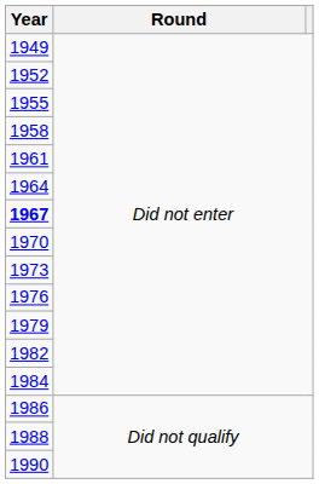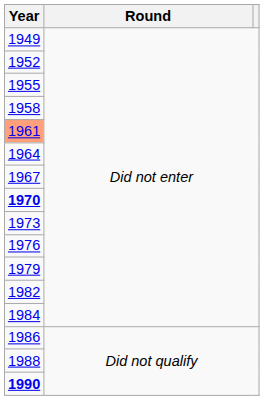 <table class="wikitable" style="text-align: center; font-size:90%">
 <tr>
 <th>Year</th>
 <th style="width:200px">Round</th>
 <th></th>
 </tr>
 <tr>
 <td><a href='#'>1949</a></td>
 <td colspan="2" rowspan="13"><em>Did not enter</em></td>
 </tr>
 <tr>
 <td><a href='#'>1952</a></td>
 </tr>
 <tr>
 <td><a href='#'>1955</a></td>
 </tr>
 <tr>
 <td><a href='#'>1958</a></td>
 </tr>
 <tr>
-<td><a href='#'>1961</a></td>
+<td style="background: lightsalmon;"><a href='#'>1961</a></td>
 </tr>
 <tr>
 <td><a href='#'>1964</a></td>
 </tr>
 <tr>
-<td><strong><a href='#'>1967</a></strong></td>
+<td><a href='#'>1967</a></td>
 </tr>
 <tr>
-<td><a href='#'>1970</a></td>
+<td><strong><a href='#'>1970</a></strong></td>
 </tr>
 <tr>
 <td><a href='#'>1973</a></td>
 </tr>
 <tr>
 <td><a href='#'>1976</a></td>
 </tr>
 <tr>
 <td><a href='#'>1979</a></td>
 </tr>
 <tr>
 <td><a href='#'>1982</a></td>
 </tr>
 <tr>
 <td><a href='#'>1984</a></td>
 </tr>
 <tr>
 <td><a href='#'>1986</a></td>
 <td colspan="2" rowspan="3"><em>Did not qualify</em></td>
 </tr>
 <tr>
 <td><a href='#'>1988</a></td>
 </tr>
 <tr>
-<td><a href='#'>1990</a></td>
+<td><strong><a href='#'>1990</a></strong></td>
 </tr>
 </table>
